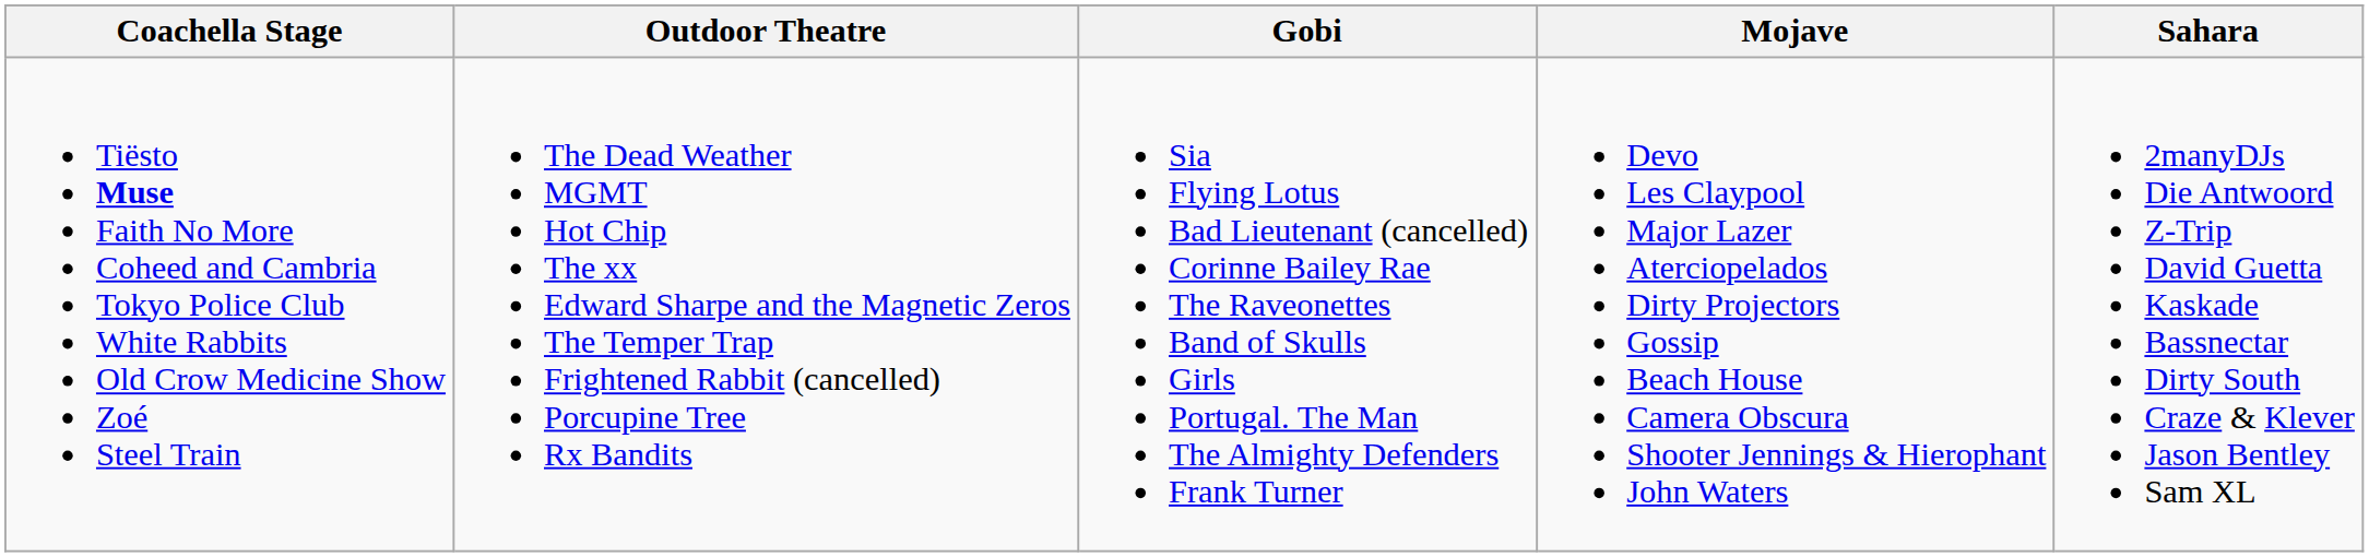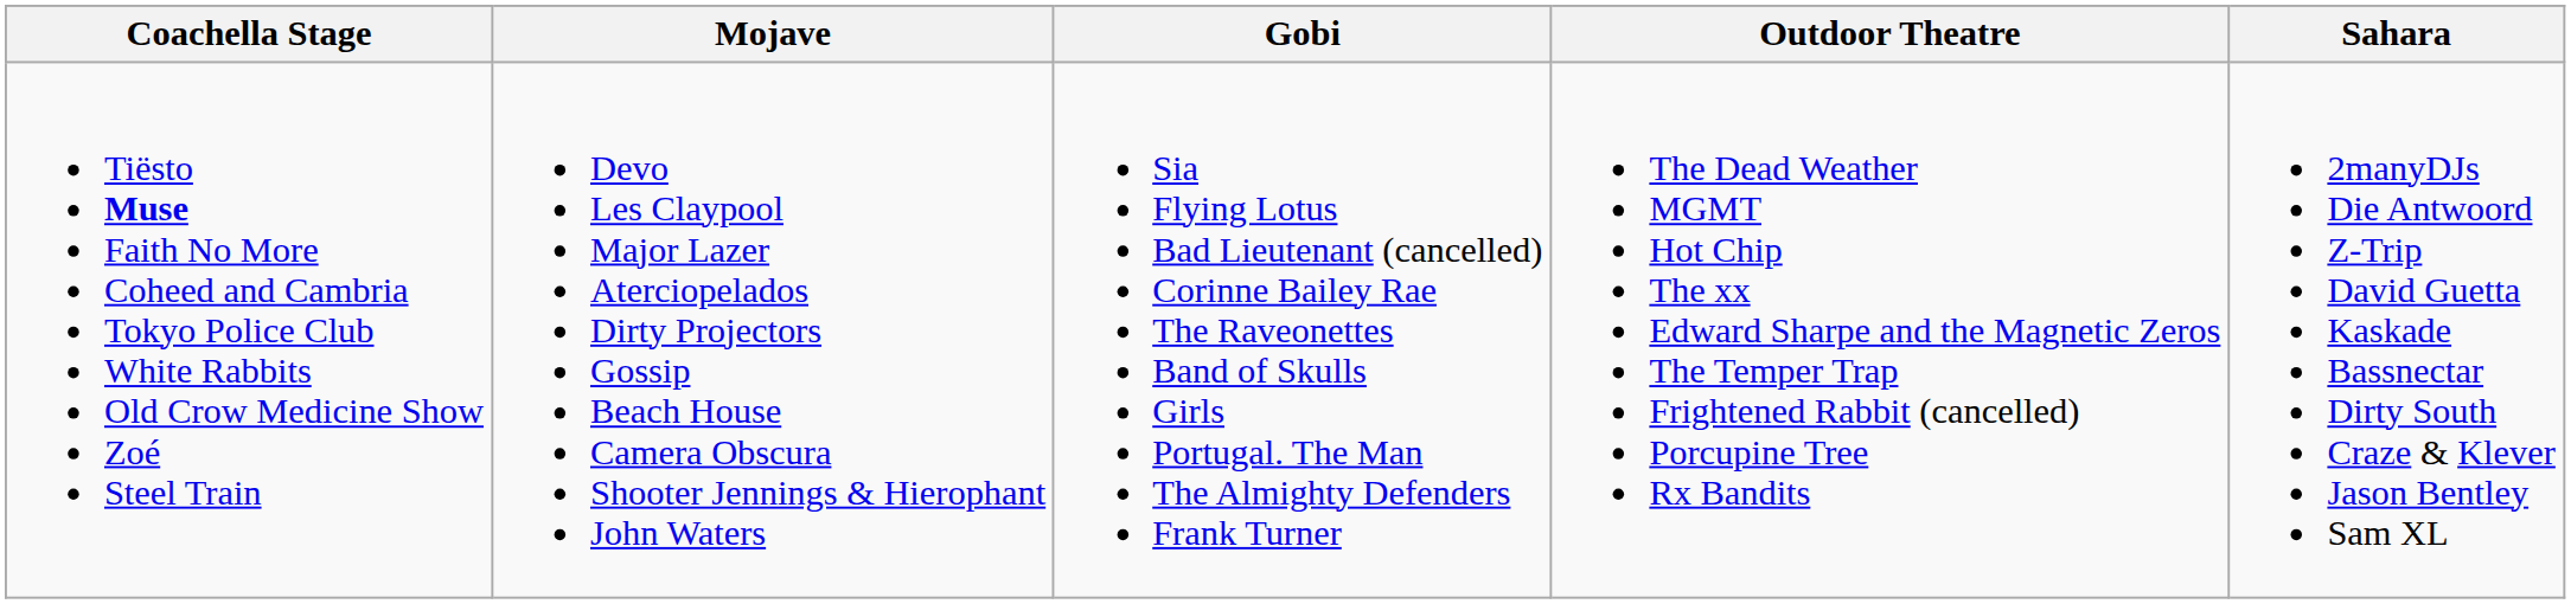 <table class="wikitable">
 <tr>
 <th>Coachella Stage</th>
+<th>Mojave</th>
+<th>Gobi</th>
 <th>Outdoor Theatre</th>
-<th>Gobi</th>
-<th>Mojave</th>
 <th>Sahara</th>
 </tr>
 <tr valign="top">
 <td><br><ul><li><a href='#'>Tiësto</a></li><li><strong><a href='#'>Muse</a></strong></li><li><a href='#'>Faith No More</a></li><li><a href='#'>Coheed and Cambria</a></li><li><a href='#'>Tokyo Police Club</a></li><li><a href='#'>White Rabbits</a></li><li><a href='#'>Old Crow Medicine Show</a></li><li><a href='#'>Zoé</a></li><li><a href='#'>Steel Train</a></li></ul></td>
+<td><br><ul><li><a href='#'>Devo</a></li><li><a href='#'>Les Claypool</a></li><li><a href='#'>Major Lazer</a></li><li><a href='#'>Aterciopelados</a></li><li><a href='#'>Dirty Projectors</a></li><li><a href='#'>Gossip</a></li><li><a href='#'>Beach House</a></li><li><a href='#'>Camera Obscura</a></li><li><a href='#'>Shooter Jennings & Hierophant</a></li><li><a href='#'>John Waters</a></li></ul></td>
+<td><br><ul><li><a href='#'>Sia</a></li><li><a href='#'>Flying Lotus</a></li><li><a href='#'>Bad Lieutenant</a> (cancelled)</li><li><a href='#'>Corinne Bailey Rae</a></li><li><a href='#'>The Raveonettes</a></li><li><a href='#'>Band of Skulls</a></li><li><a href='#'>Girls</a></li><li><a href='#'>Portugal. The Man</a></li><li><a href='#'>The Almighty Defenders</a></li><li><a href='#'>Frank Turner</a></li></ul></td>
 <td><br><ul><li><a href='#'>The Dead Weather</a></li><li><a href='#'>MGMT</a></li><li><a href='#'>Hot Chip</a></li><li><a href='#'>The xx</a></li><li><a href='#'>Edward Sharpe and the Magnetic Zeros</a></li><li><a href='#'>The Temper Trap</a></li><li><a href='#'>Frightened Rabbit</a> (cancelled)</li><li><a href='#'>Porcupine Tree</a></li><li><a href='#'>Rx Bandits</a></li></ul></td>
-<td><br><ul><li><a href='#'>Sia</a></li><li><a href='#'>Flying Lotus</a></li><li><a href='#'>Bad Lieutenant</a> (cancelled)</li><li><a href='#'>Corinne Bailey Rae</a></li><li><a href='#'>The Raveonettes</a></li><li><a href='#'>Band of Skulls</a></li><li><a href='#'>Girls</a></li><li><a href='#'>Portugal. The Man</a></li><li><a href='#'>The Almighty Defenders</a></li><li><a href='#'>Frank Turner</a></li></ul></td>
-<td><br><ul><li><a href='#'>Devo</a></li><li><a href='#'>Les Claypool</a></li><li><a href='#'>Major Lazer</a></li><li><a href='#'>Aterciopelados</a></li><li><a href='#'>Dirty Projectors</a></li><li><a href='#'>Gossip</a></li><li><a href='#'>Beach House</a></li><li><a href='#'>Camera Obscura</a></li><li><a href='#'>Shooter Jennings & Hierophant</a></li><li><a href='#'>John Waters</a></li></ul></td>
 <td><br><ul><li><a href='#'>2manyDJs</a></li><li><a href='#'>Die Antwoord</a></li><li><a href='#'>Z-Trip</a></li><li><a href='#'>David Guetta</a></li><li><a href='#'>Kaskade</a></li><li><a href='#'>Bassnectar</a></li><li><a href='#'>Dirty South</a></li><li><a href='#'>Craze</a> & <a href='#'>Klever</a></li><li><a href='#'>Jason Bentley</a></li><li>Sam XL</li></ul></td>
 </tr>
 </table>
